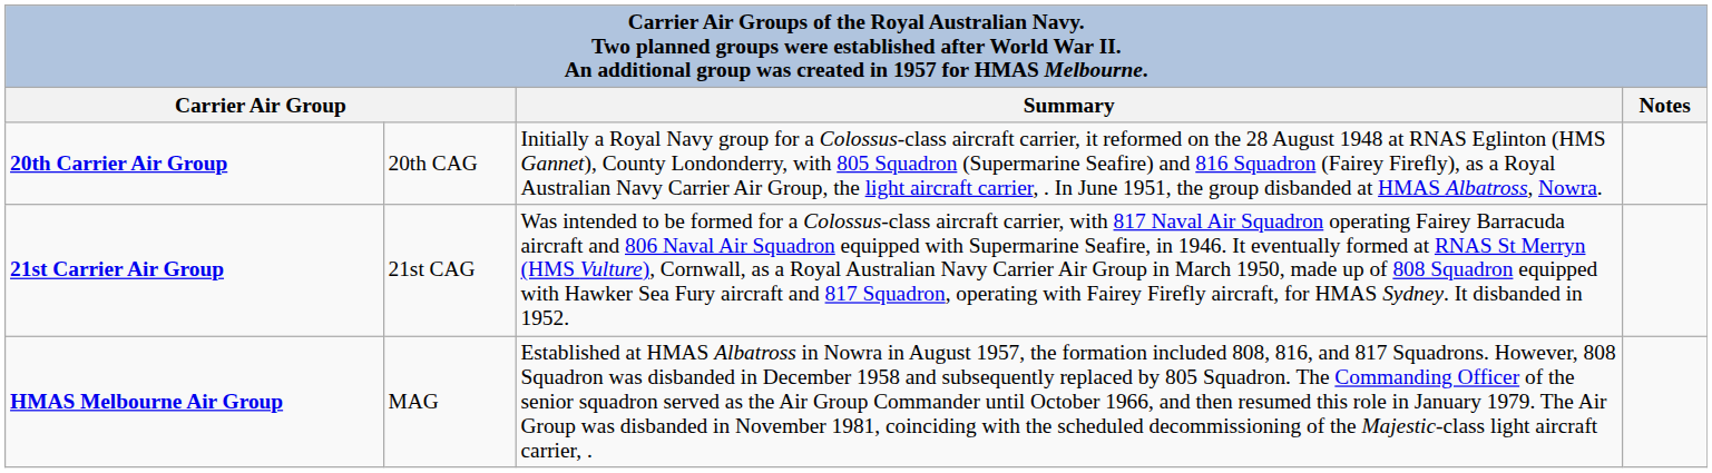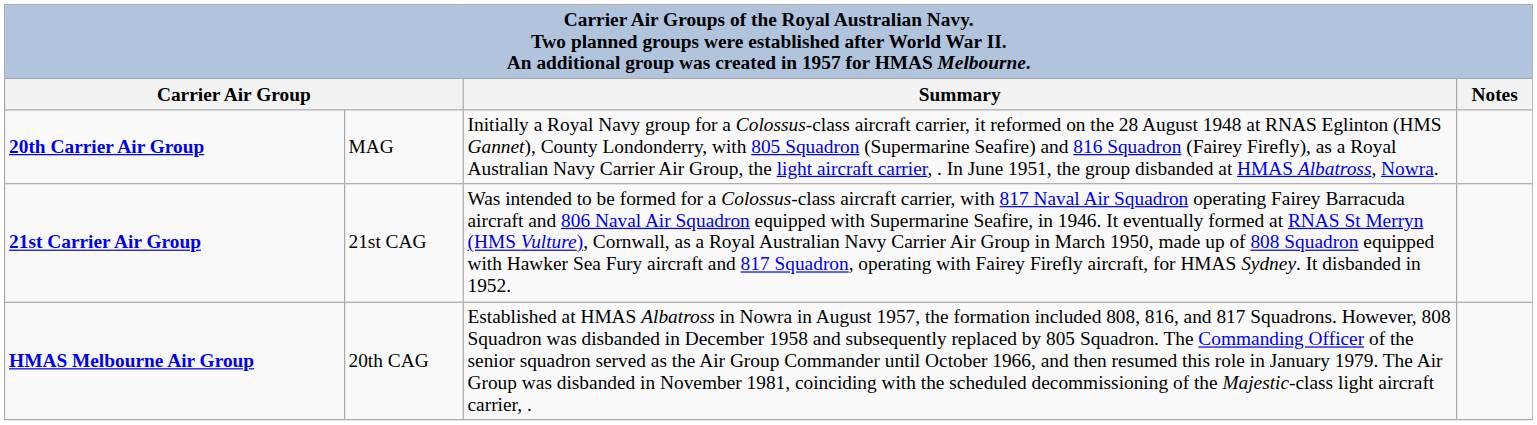 <table class="wikitable" style="margin:auto; width:100%;">
 <tr>
 <th style="align: center; background:#B0C4DE;" colspan=5>Carrier Air Groups of the Royal Australian Navy.<br> Two planned groups were established after World War II.<br> An additional group was created in 1957 for HMAS <em>Melbourne</em>.</th>
 </tr>
 <tr>
 <th style="text-align:center; width:30%;" colspan=2>Carrier Air Group</th>
 <th style="text-align:center; width:65%;">Summary</th>
 <th style="text-align:center; width:5%;">Notes</th>
 </tr>
 <tr>
 <td style="text-align:centre;"><strong><a href='#'>20th Carrier Air Group</a></strong></td>
-<td>20th CAG</td>
+<td>MAG</td>
 <td align=left>Initially a Royal Navy group for a <em>Colossus</em>-class aircraft carrier, it reformed on the 28 August 1948 at RNAS Eglinton (HMS <em>Gannet</em>), County Londonderry, with <a href='#'>805 Squadron</a> (Supermarine Seafire) and <a href='#'>816 Squadron</a> (Fairey Firefly), as a Royal Australian Navy Carrier Air Group, the  <a href='#'>light aircraft carrier</a>, . In June 1951, the group disbanded at <a href='#'>HMAS <em>Albatross</em></a>, <a href='#'>Nowra</a>.</td>
 <td></td>
 </tr>
 <tr>
 <td style="text-align:centre;"><strong><a href='#'>21st Carrier Air Group</a></strong></td>
 <td>21st CAG</td>
 <td align=left>Was intended to be formed for a <em>Colossus</em>-class aircraft carrier, with <a href='#'>817 Naval Air Squadron</a> operating Fairey Barracuda aircraft and <a href='#'>806 Naval Air Squadron</a> equipped with Supermarine Seafire, in 1946. It eventually formed at <a href='#'>RNAS St Merryn (HMS <em>Vulture</em>)</a>, Cornwall, as a Royal Australian Navy Carrier Air Group in March 1950, made up of <a href='#'>808 Squadron</a> equipped with Hawker Sea Fury aircraft and <a href='#'>817 Squadron</a>, operating with Fairey Firefly aircraft, for HMAS <em>Sydney</em>. It disbanded in 1952.</td>
 <td></td>
 </tr>
 <tr>
 <td style="text-align:centre;"><strong><a href='#'>HMAS Melbourne Air Group</a></strong></td>
-<td>MAG</td>
+<td>20th CAG</td>
 <td align=left>Established at HMAS <em>Albatross</em> in Nowra in August 1957, the formation included 808, 816, and 817 Squadrons. However, 808 Squadron was disbanded in December 1958 and subsequently replaced by 805 Squadron. The <a href='#'>Commanding Officer</a> of the senior squadron served as the Air Group Commander until October 1966, and then resumed this role in January 1979. The Air Group was disbanded in November 1981, coinciding with the scheduled decommissioning of the <em>Majestic</em>-class light aircraft carrier, .</td>
 <td></td>
 </tr>
 </table>
